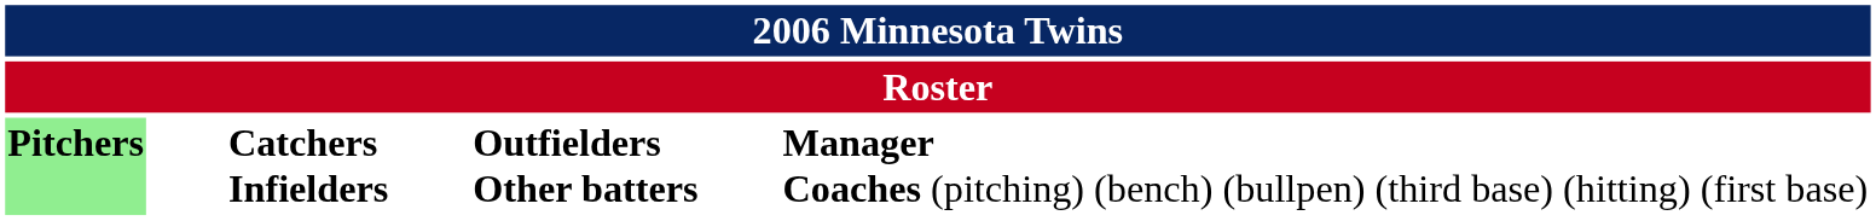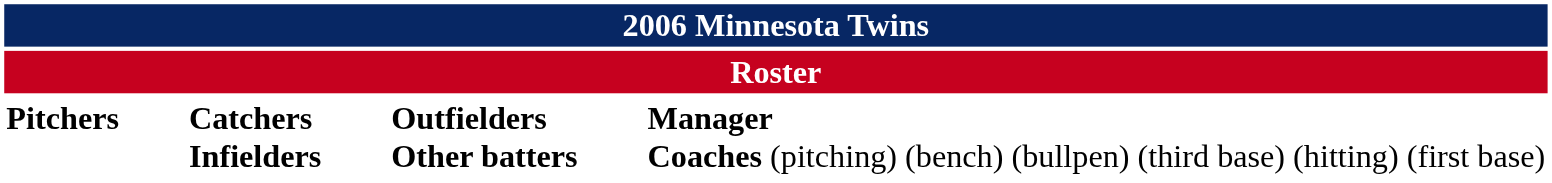 <table class="toccolours" style="font-size: 95%;">
 <tr>
 <th colspan="10" style="background-color: #072764; color: #FFFFFF; text-align: center;">2006 Minnesota Twins</th>
 </tr>
 <tr>
 <td colspan="10" style="background-color: #c6011f; color: white; text-align: center;"><strong>Roster</strong></td>
 </tr>
 <tr>
-<td valign="top" style="background: lightgreen;"><strong>Pitchers</strong><br>                </td>
+<td valign="top"><strong>Pitchers</strong><br>                </td>
 <td width="25px"></td>
 <td valign="top"><strong>Catchers</strong><br>   <strong>Infielders</strong>          </td>
 <td width="25px"></td>
 <td valign="top"><strong>Outfielders</strong><br>        <strong>Other batters</strong> </td>
 <td width="25px"></td>
 <td valign="top"><strong>Manager</strong><br> <strong>Coaches</strong>  (pitching)  (bench)  (bullpen)  (third base)  (hitting)  (first base)</td>
 </tr>
 <tr>
 </tr>
 </table>
